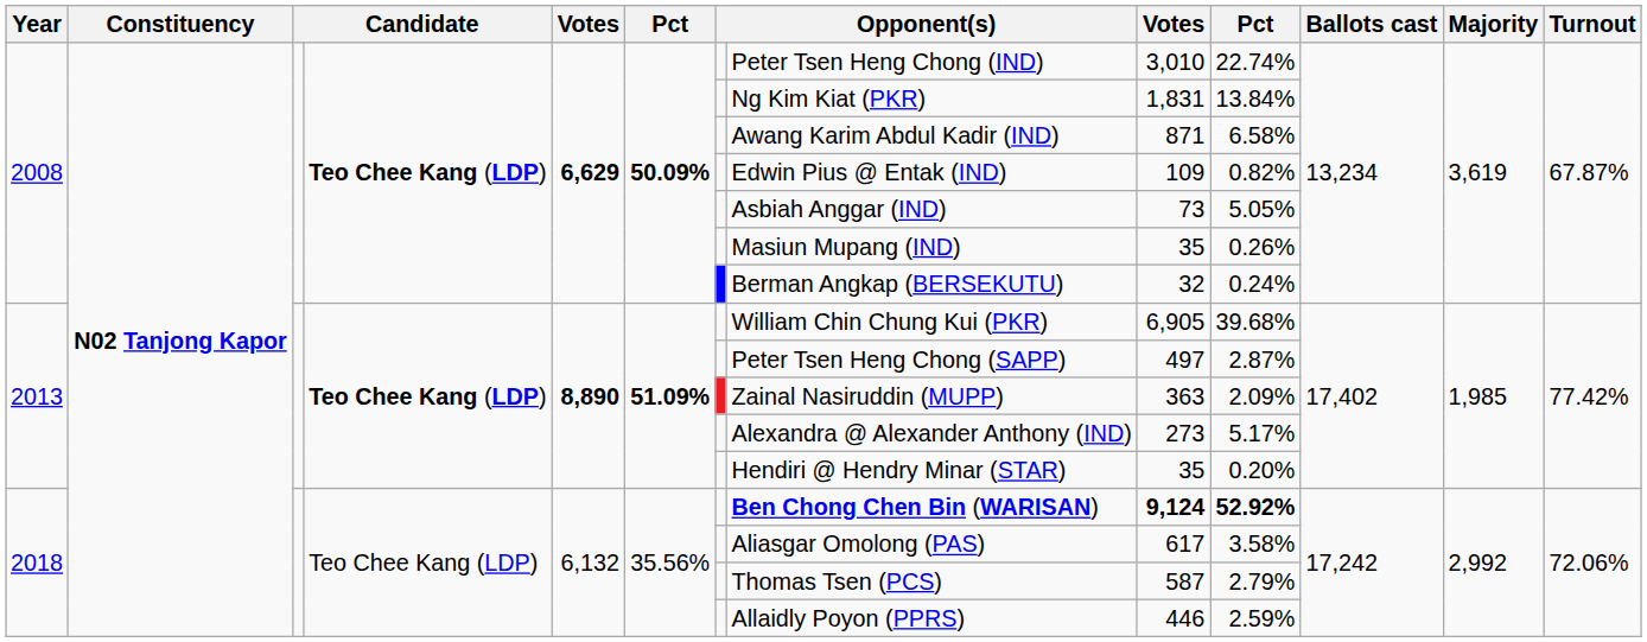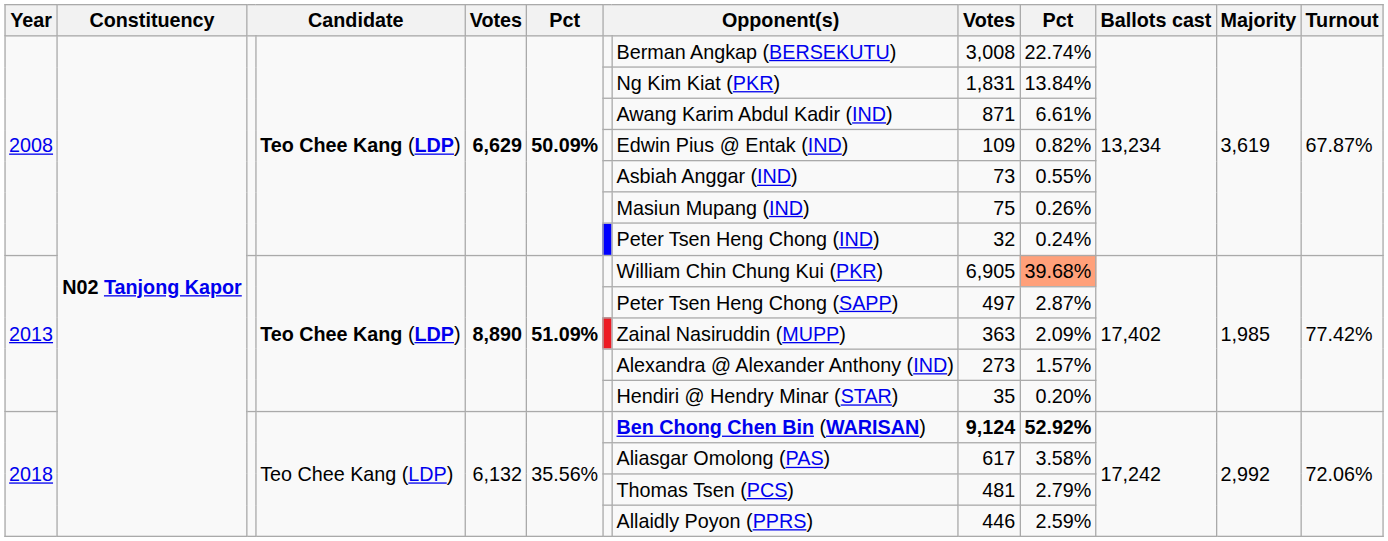 <table class="wikitable" style="margin:0.5em ; font-size:95%">
 <tr>
 <th>Year</th>
 <th>Constituency</th>
 <th colspan=2>Candidate</th>
 <th>Votes</th>
 <th>Pct</th>
 <th colspan=2>Opponent(s)</th>
 <th>Votes</th>
 <th>Pct</th>
 <th>Ballots cast</th>
 <th>Majority</th>
 <th>Turnout</th>
 </tr>
 <tr>
 <td rowspan="7"><a href='#'>2008</a></td>
 <td rowspan="16"><strong>N02 <a href='#'>Tanjong Kapor</a></strong></td>
 <td rowspan="7" ></td>
 <td rowspan="7"><strong>Teo Chee Kang</strong> (<a href='#'><strong>LDP</strong></a>)</td>
 <td rowspan="7" align=right><strong>6,629</strong></td>
 <td rowspan="7"><strong>50.09%</strong></td>
 <td></td>
-<td>Peter Tsen Heng Chong (<a href='#'>IND</a>)</td>
-<td align=right>3,010</td>
+<td>Berman Angkap (<a href='#'>BERSEKUTU</a>)</td>
+<td align=right>3,008</td>
 <td>22.74%</td>
 <td rowspan="7">13,234</td>
 <td rowspan="7">3,619</td>
 <td rowspan="7">67.87%</td>
 </tr>
 <tr>
 <td></td>
 <td>Ng Kim Kiat (<a href='#'>PKR</a>)</td>
 <td align=right>1,831</td>
 <td>13.84%</td>
 </tr>
 <tr>
 <td></td>
 <td>Awang Karim Abdul Kadir (<a href='#'>IND</a>)</td>
 <td align=right>871</td>
-<td align=right>6.58%</td>
+<td align=right>6.61%</td>
 </tr>
 <tr>
 <td></td>
 <td>Edwin Pius @ Entak (<a href='#'>IND</a>)</td>
 <td align=right>109</td>
 <td align=right>0.82%</td>
 </tr>
 <tr>
 <td></td>
 <td>Asbiah Anggar (<a href='#'>IND</a>)</td>
 <td align=right>73</td>
-<td align=right>5.05%</td>
+<td align=right>0.55%</td>
 </tr>
 <tr>
 <td></td>
 <td>Masiun Mupang (<a href='#'>IND</a>)</td>
-<td align=right>35</td>
+<td align=right>75</td>
 <td align=right>0.26%</td>
 </tr>
 <tr>
 <td bgcolor= blue></td>
-<td>Berman Angkap (<a href='#'>BERSEKUTU</a>)</td>
+<td>Peter Tsen Heng Chong (<a href='#'>IND</a>)</td>
 <td align=right>32</td>
 <td align=right>0.24%</td>
 </tr>
 <tr>
 <td rowspan="5"><a href='#'>2013</a></td>
 <td rowspan="5" ></td>
 <td rowspan="5"><strong>Teo Chee Kang</strong> (<a href='#'><strong>LDP</strong></a>)</td>
 <td rowspan="5" align=right><strong>8,890</strong></td>
 <td rowspan="5"><strong>51.09%</strong></td>
 <td></td>
 <td>William Chin Chung Kui (<a href='#'>PKR</a>)</td>
 <td align=right>6,905</td>
-<td>39.68%</td>
+<td style="background: lightsalmon;">39.68%</td>
 <td rowspan="5">17,402</td>
 <td rowspan="5">1,985</td>
 <td rowspan="5">77.42%</td>
 </tr>
 <tr>
 <td bgcolor = ></td>
 <td>Peter Tsen Heng Chong (<a href='#'>SAPP</a>)</td>
 <td align=right>497</td>
 <td align=right>2.87%</td>
 </tr>
 <tr>
 <td bgcolor = ED1B24></td>
 <td>Zainal Nasiruddin (<a href='#'>MUPP</a>)</td>
 <td align=right>363</td>
 <td align=right>2.09%</td>
 </tr>
 <tr>
 <td bgcolor = ></td>
 <td>Alexandra @ Alexander Anthony (<a href='#'>IND</a>)</td>
 <td align=right>273</td>
-<td align=right>5.17%</td>
+<td align=right>1.57%</td>
 </tr>
 <tr>
 <td></td>
 <td>Hendiri @ Hendry Minar (<a href='#'>STAR</a>)</td>
 <td align=right>35</td>
 <td align=right>0.20%</td>
 </tr>
 <tr>
 <td rowspan="4"><a href='#'>2018</a></td>
 <td rowspan="4" ></td>
 <td rowspan="4">Teo Chee Kang (<a href='#'>LDP</a>)</td>
 <td rowspan="4" align=right>6,132</td>
 <td rowspan="4">35.56%</td>
 <td></td>
 <td><strong><a href='#'>Ben Chong Chen Bin</a></strong> (<a href='#'><strong>WARISAN</strong></a>)</td>
 <td align=right><strong>9,124</strong></td>
 <td><strong>52.92%</strong></td>
 <td rowspan="4">17,242</td>
 <td rowspan="4">2,992</td>
 <td rowspan="4">72.06%</td>
 </tr>
 <tr>
 <td></td>
 <td>Aliasgar Omolong (<a href='#'>PAS</a>)</td>
 <td align=right>617</td>
 <td align=right>3.58%</td>
 </tr>
 <tr>
 <td bgcolor= ></td>
 <td>Thomas Tsen (<a href='#'>PCS</a>)</td>
-<td align=right>587</td>
+<td align=right>481</td>
 <td align=right>2.79%</td>
 </tr>
 <tr>
 <td bgcolor = ></td>
 <td>Allaidly Poyon (<a href='#'>PPRS</a>)</td>
 <td align=right>446</td>
 <td align=right>2.59%</td>
 </tr>
 </table>
